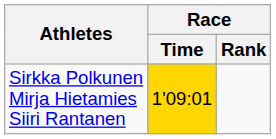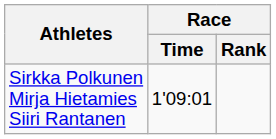 <table class="wikitable" border="1" style="font-size:90%">
 <tr>
 <th rowspan=2>Athletes</th>
 <th colspan=2>Race</th>
 </tr>
 <tr>
 <th>Time</th>
 <th>Rank</th>
 </tr>
 <tr>
 <td><a href='#'>Sirkka Polkunen</a><br><a href='#'>Mirja Hietamies</a><br><a href='#'>Siiri Rantanen</a></td>
-<td align=center style="background: gold;">1'09:01</td>
+<td align=center>1'09:01</td>
 <td align=center></td>
 </tr>
 </table>
